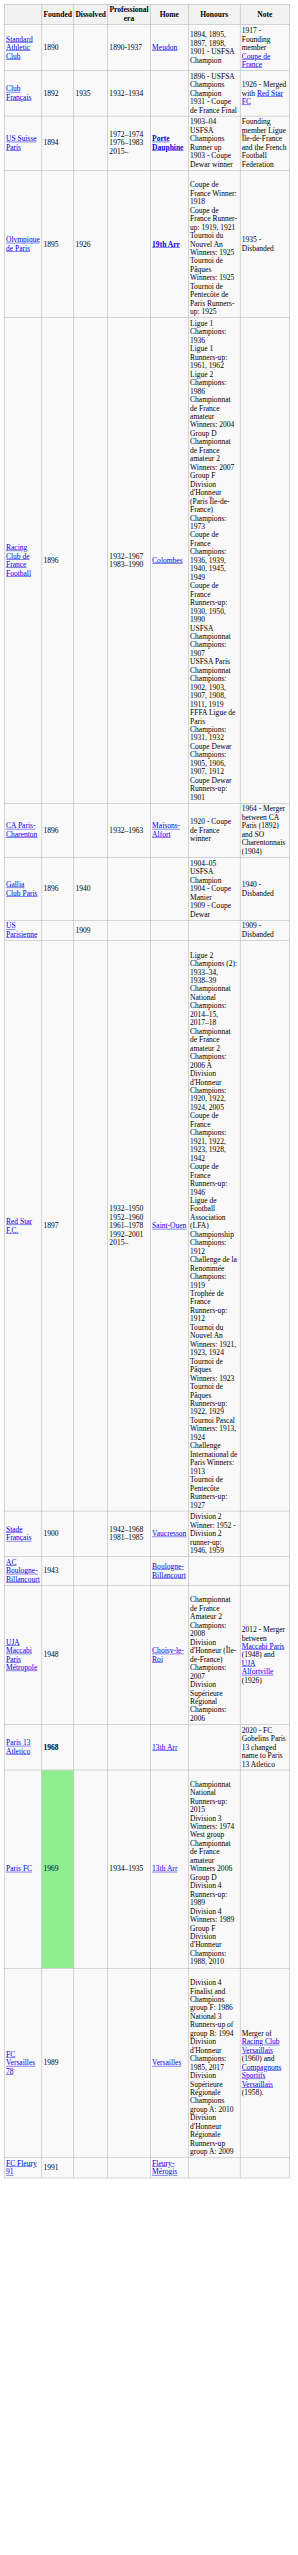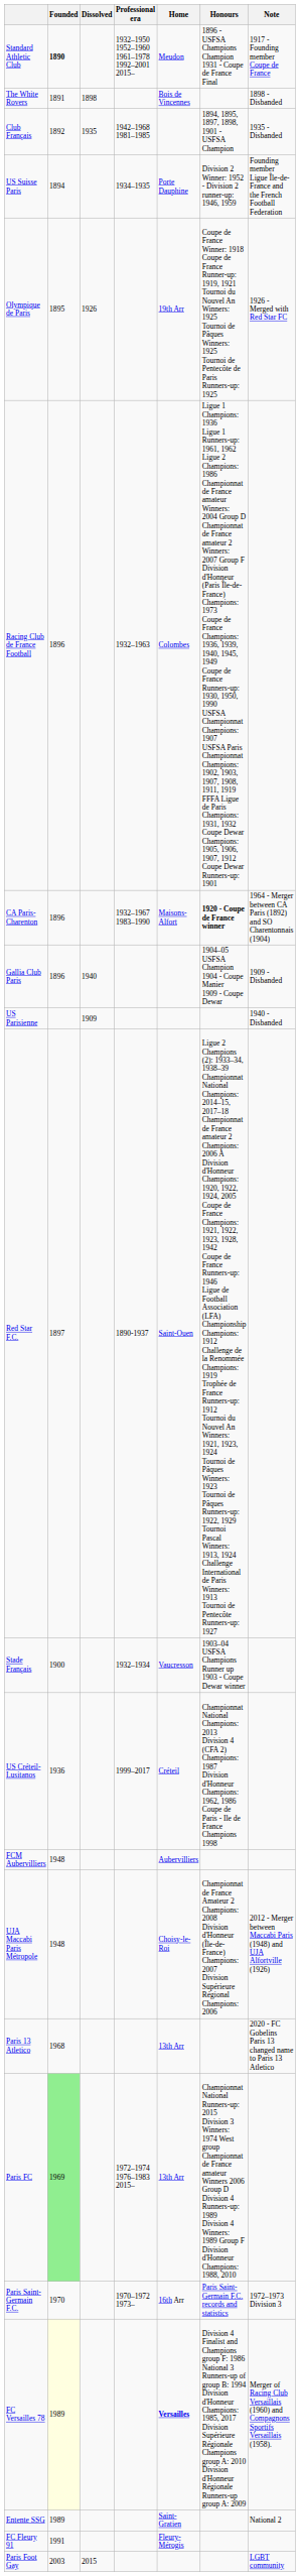 <table class="wikitable">
 <tr>
 <th scope="col" width="100"></th>
 <th scope="col" width="40">Founded</th>
 <th scope="col" width="40">Dissolved</th>
 <th scope="col" width="100">Professional<br>era</th>
 <th scope="col" width="100">Home</th>
 <th scope="col" width="600">Honours</th>
 <th scope="col" width="400">Note</th>
 </tr>
 <tr>
 <td><a href='#'>Standard Athletic Club</a></td>
-<td>1890</td>
+<td><strong>1890</strong></td>
 <td></td>
-<td>1890-1937</td>
+<td>1932–1950 1952–1960 1961–1978 1992–2001 2015–</td>
 <td><a href='#'>Meudon</a></td>
-<td>1894, 1895, 1897, 1898, 1901 - USFSA Champion</td>
+<td>1896 - USFSA Champions Champion<br>1931 - Coupe de France Final</td>
 <td>1917 - Founding member <a href='#'>Coupe de France</a></td>
+</tr>
+<tr>
+<td><a href='#'>The White Rovers</a></td>
+<td>1891</td>
+<td>1898</td>
+<td></td>
+<td><a href='#'>Bois de Vincennes</a></td>
+<td></td>
+<td>1898 - Disbanded</td>
 </tr>
 <tr>
 <td><a href='#'>Club Français</a></td>
 <td>1892</td>
 <td>1935</td>
-<td>1932–1934</td>
+<td>1942–1968 1981–1985</td>
 <td></td>
-<td>1896 - USFSA Champions Champion<br>1931 - Coupe de France Final</td>
-<td>1926 - Merged with <a href='#'>Red Star FC</a></td>
+<td>1894, 1895, 1897, 1898, 1901 - USFSA Champion</td>
+<td>1935 - Disbanded</td>
 </tr>
 <tr>
 <td><a href='#'>US Suisse Paris</a></td>
 <td>1894</td>
 <td></td>
-<td>1972–1974 1976–1983 2015–</td>
-<td><strong><a href='#'>Porte Dauphine</a></strong></td>
-<td>1903–04 USFSA Champions Runner up <br>1903 - Coupe Dewar winner</td>
+<td>1934–1935</td>
+<td><a href='#'>Porte Dauphine</a></td>
+<td>Division 2 Winner: 1952 - Division 2 runner-up: 1946, 1959</td>
 <td>Founding member Ligue Île-de-France and the French Football Federation</td>
 </tr>
 <tr>
 <td><a href='#'>Olympique de Paris</a></td>
 <td>1895</td>
 <td>1926</td>
 <td></td>
-<td><strong><a href='#'>19th Arr</a></strong></td>
+<td><a href='#'>19th Arr</a></td>
 <td><br>Coupe de France Winner: 1918 <br> Coupe de France Runner-up: 1919, 1921 <br> Tournoi du Nouvel An Winners: 1925 <br> Tournoi de Pâques Winners: 1925 <br> Tournoi de Pentecôte de Paris Runners-up: 1925</td>
-<td>1935 - Disbanded</td>
+<td>1926 - Merged with <a href='#'>Red Star FC</a></td>
 </tr>
 <tr>
 <td><a href='#'>Racing Club de France Football</a></td>
 <td>1896</td>
 <td></td>
-<td>1932–1967 1983–1990</td>
+<td>1932–1963</td>
 <td><a href='#'>Colombes</a></td>
 <td>Ligue 1 Champions: 1936 <br>Ligue 1 Runners-up: 1961, 1962 <br>Ligue 2 Champions: 1986 <br>Championnat de France amateur Winners: 2004 Group D <br>Championnat de France amateur 2 Winners: 2007 Group F <br>Division d'Honneur (Paris Île-de-France) Champions: 1973 <br>Coupe de France Champions: 1936, 1939, 1940, 1945, 1949 <br>Coupe de France Runners-up: 1930, 1950, 1990 <br>USFSA Championnat Champions: 1907 <br>USFSA Paris Championnat Champions: 1902, 1903, 1907, 1908, 1911, 1919 <br>FFFA Ligue de Paris Champions: 1931, 1932 <br>Coupe Dewar Champions: 1905, 1906, 1907, 1912 <br>Coupe Dewar Runners-up: 1901</td>
 <td></td>
 </tr>
 <tr>
 <td><a href='#'>CA Paris-Charenton</a></td>
 <td>1896</td>
 <td></td>
-<td>1932–1963</td>
+<td>1932–1967 1983–1990</td>
 <td><a href='#'>Maisons-Alfort</a></td>
-<td>1920 - Coupe de France winner</td>
+<td><strong>1920 - Coupe de France winner</strong></td>
 <td>1964 - Merger between CA Paris (1892) and SO Charentonnais (1904)</td>
 </tr>
 <tr>
 <td><a href='#'>Gallia Club Paris</a></td>
 <td>1896</td>
 <td>1940</td>
 <td></td>
 <td></td>
 <td>1904–05 USFSA Champion <br>1904 - Coupe Manier<br>1909 - Coupe Dewar</td>
-<td>1940 - Disbanded</td>
+<td>1909 - Disbanded</td>
 </tr>
 <tr>
 <td><a href='#'>US Parisienne</a></td>
 <td></td>
 <td>1909</td>
 <td></td>
 <td></td>
 <td></td>
-<td>1909 - Disbanded</td>
+<td>1940 - Disbanded</td>
 </tr>
 <tr>
 <td><a href='#'>Red Star F.C.</a></td>
 <td>1897</td>
 <td></td>
-<td>1932–1950 1952–1960 1961–1978 1992–2001 2015–</td>
+<td>1890-1937</td>
 <td><a href='#'>Saint-Ouen</a></td>
 <td><br>Ligue 2 Champions (2): 1933–34, 1938–39 <br> Championnat National Champions: 2014–15, 2017–18 <br> Championnat de France amateur 2 Champions: 2006 A<br> Division d'Honneur Champions: 1920, 1922, 1924, 2005 <br> Coupe de France Champions: 1921, 1922, 1923, 1928, 1942 <br> Coupe de France Runners-up: 1946 <br> Ligue de Football Association (LFA) Championship Champions: 1912 <br> Challenge de la Renommée Champions: 1919 <br> Trophée de France Runners-up: 1912 <br> Tournoi du Nouvel An Winners: 1921, 1923, 1924<br> Tournoi de Pâques Winners: 1923 <br> Tournoi de Pâques Runners-up: 1922, 1929 <br> Tournoi Pascal Winners: 1913, 1924 <br> Challenge International de Paris Winners: 1913 <br> Tournoi de Pentecôte Runners-up: 1927</td>
 <td></td>
 </tr>
 <tr>
 <td><a href='#'>Stade Français</a></td>
 <td>1900</td>
 <td></td>
-<td>1942–1968 1981–1985</td>
+<td>1932–1934</td>
 <td><a href='#'>Vaucresson</a></td>
-<td>Division 2 Winner: 1952 - Division 2 runner-up: 1946, 1959</td>
+<td>1903–04 USFSA Champions Runner up <br>1903 - Coupe Dewar winner</td>
 <td></td>
 </tr>
 <tr>
-<td><a href='#'>AC Boulogne-Billancourt</a></td>
-<td>1943</td>
+<td><a href='#'>US Créteil-Lusitanos</a></td>
+<td>1936</td>
+<td></td>
+<td>1999–2017</td>
+<td><a href='#'>Créteil</a></td>
+<td><br>Championnat National Champions: 2013 <br> Division 4 (CFA 2) Champions: 1987 <br> Division d'Honneur Champions: 1962, 1986 <br> Coupe de Paris - Ile de France Champions 1998</td>
+<td></td>
+</tr>
+<tr>
+<td><a href='#'>FCM Aubervilliers</a></td>
+<td>1948</td>
 <td></td>
 <td></td>
-<td><a href='#'>Boulogne-Billancourt</a></td>
+<td><a href='#'>Aubervilliers</a></td>
 <td></td>
 <td></td>
 </tr>
 <tr>
 <td><a href='#'>UJA Maccabi Paris Métropole</a></td>
 <td>1948</td>
 <td></td>
 <td></td>
 <td><a href='#'>Choisy-le-Roi</a></td>
 <td><br>Championnat de France Amateur 2 Champions: 2008 <br> Division d'Honneur (Île-de-France) Champions: 2007 <br> Division Supérieure Régional Champions: 2006</td>
 <td>2012 - Merger between <a href='#'>Maccabi Paris</a> (1948) and <a href='#'>UJA Alfortville</a> (1926)</td>
 </tr>
 <tr>
 <td><a href='#'>Paris 13 Atletico</a></td>
-<td><strong>1968</strong></td>
+<td>1968</td>
 <td></td>
 <td></td>
 <td><a href='#'>13th Arr</a></td>
 <td></td>
 <td>2020 - FC Gobelins Paris 13 changed name to Paris 13 Atletico</td>
 </tr>
 <tr>
 <td><a href='#'>Paris FC</a></td>
 <td style="background: lightgreen;">1969</td>
 <td></td>
-<td>1934–1935</td>
+<td>1972–1974 1976–1983 2015–</td>
 <td><a href='#'>13th Arr</a></td>
 <td><br>Championnat National Runners-up: 2015 <br> Division 3 Winners: 1974 West group <br> Championnat de France amateur Winners 2006 Group D <br> Division 4 Runners-up: 1989 <br> Division 4 Winners: 1989 Group F <br> Division d'Honneur Champions: 1988, 2010</td>
 <td></td>
 </tr>
 <tr>
+<td><a href='#'>Paris Saint-Germain F.C.</a></td>
+<td>1970</td>
+<td></td>
+<td>1970–1972 1973–</td>
+<td><a href='#'>16th</a> Arr</td>
+<td><a href='#'>Paris Saint-Germain F.C. records and statistics</a></td>
+<td>1972–1973 Division 3</td>
+</tr>
+<tr>
 <td><a href='#'>FC Versailles 78</a></td>
+<td style="background: lightyellow;">1989</td>
+<td></td>
+<td></td>
+<td><strong><a href='#'>Versailles</a></strong></td>
+<td><br>Division 4 Finalist and Champions group F: 1986 <br> National 3 Runners-up of group B: 1994 <br> Division d'Honneur Champions: 1985, 2017 <br> Division Supérieure Régionale Champions group A: 2010 <br> Division d'Honneur Régionale Runners-up group A: 2009</td>
+<td>Merger of <a href='#'>Racing Club Versaillais</a> (1960) and <a href='#'>Compagnons Sportifs Versaillais</a> (1958).</td>
+</tr>
+<tr>
+<td><a href='#'>Entente SSG</a></td>
 <td>1989</td>
 <td></td>
 <td></td>
-<td><a href='#'>Versailles</a></td>
-<td><br>Division 4 Finalist and Champions group F: 1986 <br> National 3 Runners-up of group B: 1994 <br> Division d'Honneur Champions: 1985, 2017 <br> Division Supérieure Régionale Champions group A: 2010 <br> Division d'Honneur Régionale Runners-up group A: 2009</td>
-<td>Merger of <a href='#'>Racing Club Versaillais</a> (1960) and <a href='#'>Compagnons Sportifs Versaillais</a> (1958).</td>
+<td><a href='#'>Saint-Gratien</a></td>
+<td></td>
+<td>National 2</td>
 </tr>
 <tr>
 <td><a href='#'>FC Fleury 91</a></td>
 <td>1991</td>
 <td></td>
 <td></td>
 <td><a href='#'>Fleury-Mérogis</a></td>
 <td></td>
 <td></td>
 </tr>
+<tr>
+<td><a href='#'>Paris Foot Gay</a></td>
+<td>2003</td>
+<td>2015</td>
+<td></td>
+<td></td>
+<td></td>
+<td><a href='#'>LGBT community</a></td>
+</tr>
 </table>
